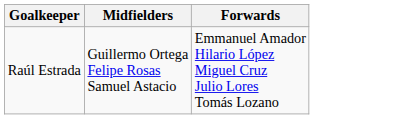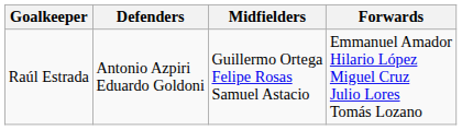 <table class="wikitable">
 <tr>
 <th>Goalkeeper</th>
+<th>Defenders</th>
 <th>Midfielders</th>
 <th>Forwards</th>
 </tr>
 <tr>
 <td> Raúl Estrada</td>
+<td> Antonio Azpiri<br> Eduardo Goldoni</td>
 <td> Guillermo Ortega<br> <a href='#'>Felipe Rosas</a> <br>  Samuel Astacio</td>
 <td> Emmanuel Amador<br> <a href='#'>Hilario López</a> <br>  <a href='#'>Miguel Cruz</a> <br>  <a href='#'>Julio Lores</a> <br>  Tomás Lozano</td>
 </tr>
 </table>
